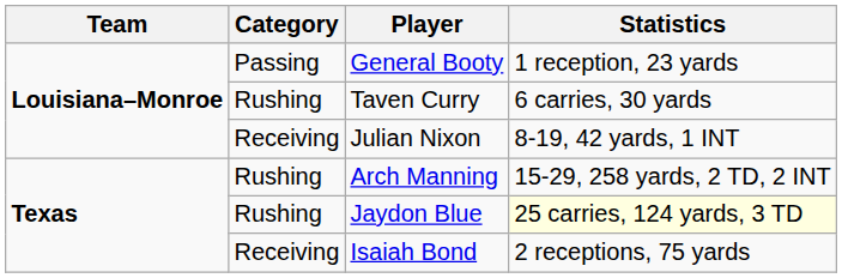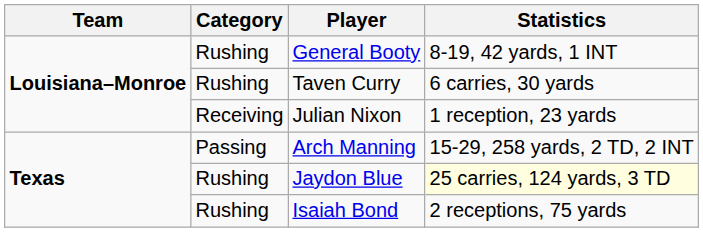 <table class="wikitable" style="float: right;">
 <tr>
 <th>Team</th>
 <th>Category</th>
 <th>Player</th>
 <th>Statistics</th>
 </tr>
 <tr>
 <td rowspan=3><strong>Louisiana–Monroe</strong></td>
-<td>Passing</td>
+<td>Rushing</td>
 <td><a href='#'>General Booty</a></td>
-<td>1 reception, 23 yards</td>
+<td>8-19, 42 yards, 1 INT</td>
 </tr>
 <tr>
 <td>Rushing</td>
 <td>Taven Curry</td>
 <td>6 carries, 30 yards</td>
 </tr>
 <tr>
 <td>Receiving</td>
 <td>Julian Nixon</td>
-<td>8-19, 42 yards, 1 INT</td>
+<td>1 reception, 23 yards</td>
 </tr>
 <tr>
 <td rowspan=3><strong>Texas</strong></td>
-<td>Rushing</td>
+<td>Passing</td>
 <td><a href='#'>Arch Manning</a></td>
 <td>15-29, 258 yards, 2 TD, 2 INT</td>
 </tr>
 <tr>
 <td>Rushing</td>
 <td><a href='#'>Jaydon Blue</a></td>
 <td style="background: lightyellow;">25 carries, 124 yards, 3 TD</td>
 </tr>
 <tr>
-<td>Receiving</td>
+<td>Rushing</td>
 <td><a href='#'>Isaiah Bond</a></td>
 <td>2 receptions, 75 yards</td>
 </tr>
 </table>
